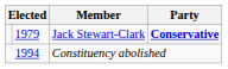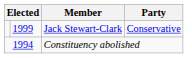 <table class="wikitable">
 <tr>
 <th colspan = "2">Elected</th>
 <th>Member</th>
 <th>Party</th>
 </tr>
 <tr>
 <td style="background-color: "></td>
-<td><a href='#'>1979</a></td>
+<td><a href='#'>1999</a></td>
 <td><a href='#'>Jack Stewart-Clark</a></td>
-<td><strong><a href='#'>Conservative</a></strong></td>
+<td><a href='#'>Conservative</a></td>
 </tr>
 <tr>
 <td colspan="2" align="center"><a href='#'>1994</a></td>
 <td colspan="2"><em>Constituency abolished</em></td>
 </tr>
 </table>
